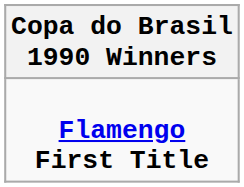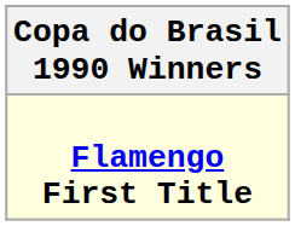 <table class="wikitable" style="text-align: center; margin: 0 auto;">
 <tr>
 <th>Copa do Brasil<br>1990 Winners</th>
 </tr>
 <tr>
-<td><br><strong><a href='#'>Flamengo</a></strong><br><strong>First Title</strong></td>
+<td style="background: lightyellow;"><br><strong><a href='#'>Flamengo</a></strong><br><strong>First Title</strong></td>
 </tr>
 </table>
